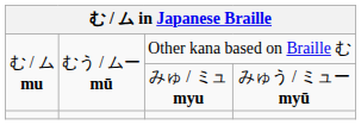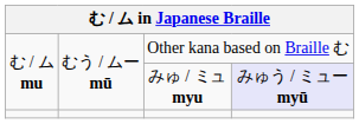 <table class="wikitable nowrap" style="text-align:center">
 <tr>
 <th colspan=4>む / ム in <a href='#'>Japanese Braille</a></th>
 </tr>
 <tr>
 <td rowspan=2>む / ム <br><strong>mu</strong></td>
 <td rowspan=2>むう / ムー <br><strong>mū</strong></td>
 <td colspan=2>Other kana based on <a href='#'>Braille</a> む</td>
 </tr>
 <tr>
 <td>みゅ / ミュ <br><strong>myu</strong></td>
-<td>みゅう / ミュー <br><strong>myū</strong></td>
+<td style="background: lavender;">みゅう / ミュー <br><strong>myū</strong></td>
 </tr>
 <tr>
 <td></td>
 <td></td>
 <td></td>
 <td></td>
 </tr>
 </table>
